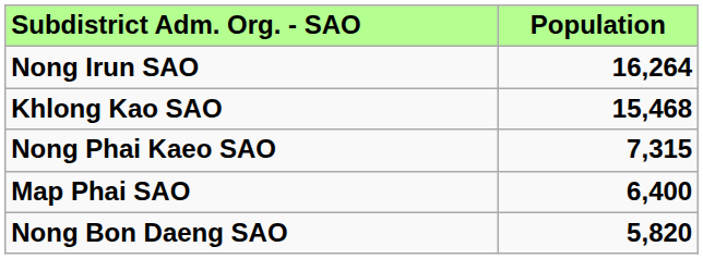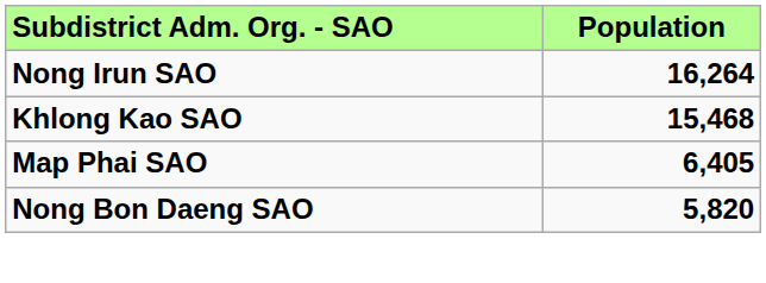 <table class="wikitable" style="width:48%; display:inline-table;">
 <tr>
 <td style= "background: #b4ff90;"><strong>Subdistrict Adm. Org. - SAO</strong></td>
 <td style= "background: #b4ff90; text-align:center;"><strong>Population</strong></td>
 </tr>
 <tr>
 <td><strong>Nong Irun SAO</strong></td>
 <td style="text-align:right;"><strong>16,264</strong></td>
 </tr>
 <tr>
 <td><strong>Khlong Kao SAO</strong></td>
 <td style="text-align:right;"><strong>15,468</strong></td>
 </tr>
 <tr>
-<td><strong>Nong Phai Kaeo SAO</strong></td>
-<td style="text-align:right;"><strong>7,315</strong></td>
-</tr>
-<tr>
 <td><strong>Map Phai SAO</strong></td>
-<td style="text-align:right;"><strong>6,400</strong></td>
+<td style="text-align:right;"><strong>6,405</strong></td>
 </tr>
 <tr>
 <td><strong>Nong Bon Daeng SAO</strong></td>
 <td style="text-align:right;"><strong>5,820</strong></td>
 </tr>
 </table>
